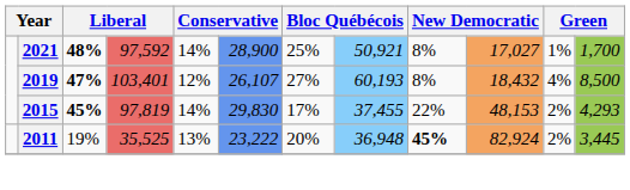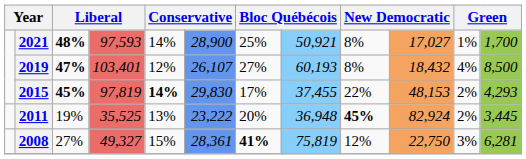 <table class="wikitable" style="float:right; width:400; font-size:90%; margin-left:1em;">
 <tr>
 <th colspan="2" scope="col">Year</th>
 <th colspan="2" scope="col"><a href='#'>Liberal</a></th>
 <th colspan="2" scope="col"><a href='#'>Conservative</a></th>
 <th colspan="2" scope="col"><a href='#'>Bloc Québécois</a></th>
 <th colspan="2" scope="col"><a href='#'>New Democratic</a></th>
 <th colspan="2" scope="col"><a href='#'>Green</a></th>
 </tr>
 <tr>
 <td rowspan="3" style="width: 0.25em; background-color: "></td>
 <th><a href='#'>2021</a></th>
 <td><strong>48%</strong></td>
-<td style="text-align:right; background:#EA6D6A;"><em>97,592</em></td>
+<td style="text-align:right; background:#EA6D6A;"><em>97,593</em></td>
 <td>14%</td>
 <td style="text-align:right; background:#6495ED;"><em>28,900</em></td>
 <td>25%</td>
 <td style="text-align:right; background:#87CEFA;"><em>50,921</em></td>
 <td>8%</td>
 <td style="text-align:right; background:#F4A460;"><em>17,027</em></td>
 <td>1%</td>
 <td style="text-align:right; background:#99C955;"><em>1,700</em></td>
 </tr>
 <tr>
 <th><a href='#'>2019</a></th>
 <td><strong>47%</strong></td>
 <td style="text-align:right; background:#EA6D6A;"><em>103,401</em></td>
 <td>12%</td>
 <td style="text-align:right; background:#6495ED;"><em>26,107</em></td>
 <td>27%</td>
 <td style="text-align:right; background:#87CEFA;"><em>60,193</em></td>
 <td>8%</td>
 <td style="text-align:right; background:#F4A460;"><em>18,432</em></td>
 <td>4%</td>
 <td style="text-align:right; background:#99C955;"><em>8,500</em></td>
 </tr>
 <tr>
 <th><a href='#'>2015</a></th>
 <td><strong>45%</strong></td>
 <td style="text-align:right; background:#EA6D6A;"><em>97,819</em></td>
-<td>14%</td>
+<td><strong>14%</strong></td>
 <td style="text-align:right; background:#6495ED;"><em>29,830</em></td>
 <td>17%</td>
 <td style="text-align:right; background:#87CEFA;"><em>37,455</em></td>
 <td>22%</td>
 <td style="text-align:right; background:#F4A460;"><em>48,153</em></td>
 <td>2%</td>
 <td style="text-align:right; background:#99C955;"><em>4,293</em></td>
 </tr>
 <tr>
 <td style="width: 0.25em; background-color: "></td>
 <th><a href='#'>2011</a></th>
 <td>19%</td>
 <td style="text-align:right; background:#EA6D6A;"><em>35,525</em></td>
 <td>13%</td>
 <td style="text-align:right; background:#6495ED;"><em>23,222</em></td>
 <td>20%</td>
 <td style="text-align:right; background:#87CEFA;"><em>36,948</em></td>
 <td><strong>45%</strong></td>
 <td style="text-align:right; background:#F4A460;"><em>82,924</em></td>
 <td>2%</td>
 <td style="text-align:right; background:#99C955;"><em>3,445</em></td>
 </tr>
 <tr>
+<td style="width: 0.25em; background-color: "></td>
+<th><a href='#'>2008</a></th>
+<td>27%</td>
+<td style="text-align:right; background:#EA6D6A;"><em>49,327</em></td>
+<td>15%</td>
+<td style="text-align:right; background:#6495ED;"><em>28,361</em></td>
+<td><strong>41%</strong></td>
+<td style="text-align:right; background:#87CEFA;"><em>75,819</em></td>
+<td>12%</td>
+<td style="text-align:right; background:#F4A460;"><em>22,750</em></td>
+<td>3%</td>
+<td style="text-align:right; background:#99C955;"><em>6,281</em></td>
+</tr>
+<tr>
 </tr>
 </table>
